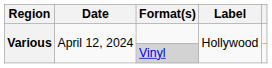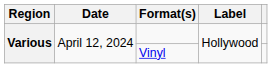 <table class="wikitable plainrowheaders">
 <tr>
 <th scope="col">Region</th>
 <th scope="col">Date</th>
 <th scope="col">Format(s)</th>
 <th scope="col">Label</th>
 <th scope="col"></th>
 </tr>
 <tr>
 <th rowspan="2" scope="row">Various</th>
 <td rowspan="2">April 12, 2024</td>
 <td></td>
 <td rowspan="2">Hollywood</td>
 <td align="center"><br></td>
 </tr>
 <tr>
-<td style="background: lightgrey;"><a href='#'>Vinyl</a></td>
+<td><a href='#'>Vinyl</a></td>
 <td align="center"></td>
 </tr>
 </table>
